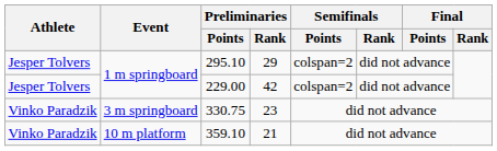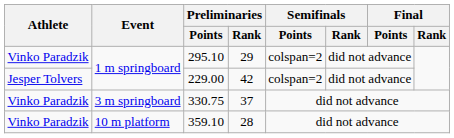 <table class=wikitable style="font-size:90%">
 <tr>
 <th rowspan="2">Athlete</th>
 <th rowspan="2">Event</th>
 <th colspan="2">Preliminaries</th>
 <th colspan="2">Semifinals</th>
 <th colspan="2">Final</th>
 </tr>
 <tr style="font-size:95%">
 <th>Points</th>
 <th>Rank</th>
 <th>Points</th>
 <th>Rank</th>
 <th>Points</th>
 <th>Rank</th>
 </tr>
 <tr align=center>
-<td align=left><a href='#'>Jesper Tolvers</a></td>
+<td align=left><a href='#'>Vinko Paradzik</a></td>
 <td align=left rowspan=2><a href='#'>1 m springboard</a></td>
 <td>295.10</td>
 <td>29</td>
 <td>colspan=2 </td>
 <td colspan=2>did not advance</td>
 </tr>
 <tr align=center>
 <td align=left><a href='#'>Jesper Tolvers</a></td>
 <td>229.00</td>
 <td>42</td>
 <td>colspan=2 </td>
 <td colspan=2>did not advance</td>
 </tr>
 <tr align=center>
 <td align=left><a href='#'>Vinko Paradzik</a></td>
 <td align=left><a href='#'>3 m springboard</a></td>
 <td>330.75</td>
-<td>23</td>
+<td>37</td>
 <td colspan=4>did not advance</td>
 </tr>
 <tr align=center>
 <td align=left><a href='#'>Vinko Paradzik</a></td>
 <td align=left><a href='#'>10 m platform</a></td>
 <td>359.10</td>
-<td>21</td>
+<td>28</td>
 <td colspan=4>did not advance</td>
 </tr>
 </table>
